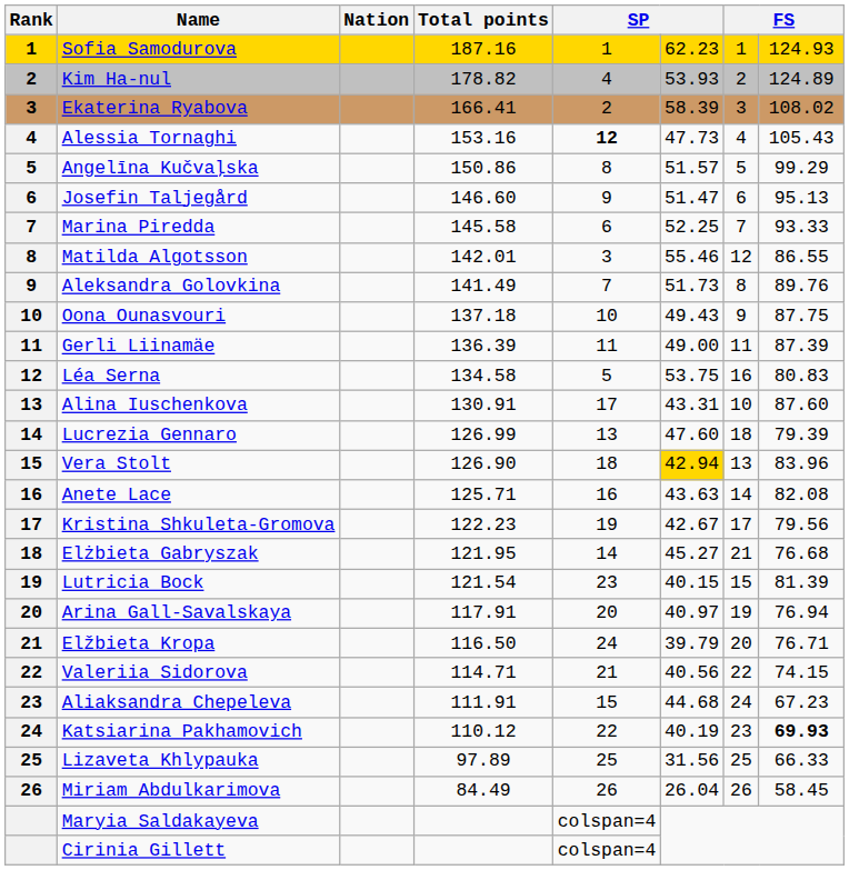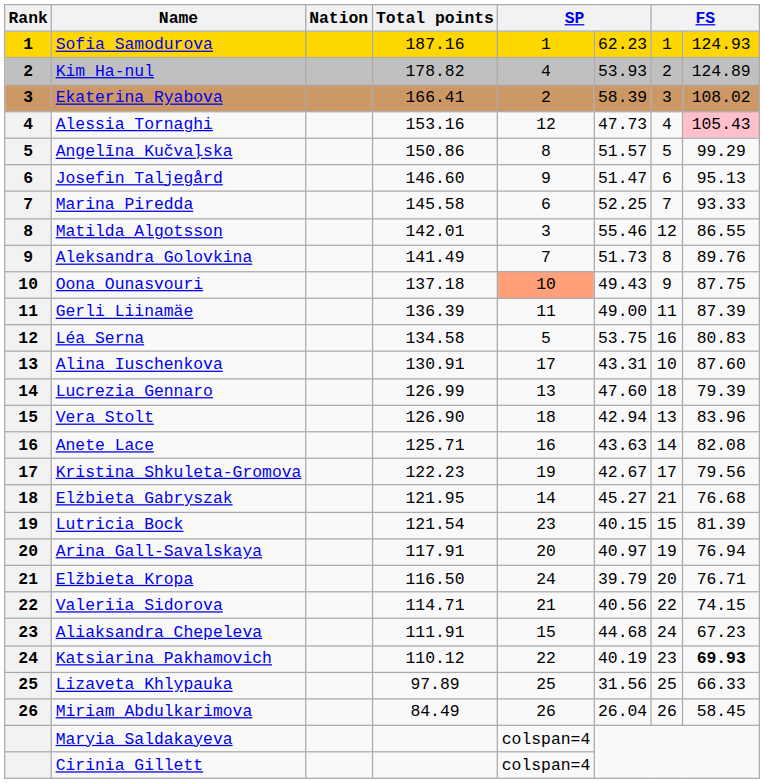 <table class="wikitable sortable">
 <tr>
 <th>Rank</th>
 <th>Name</th>
 <th>Nation</th>
 <th>Total points</th>
 <th colspan="2" width="80px"><a href='#'>SP</a></th>
 <th colspan="2" width="80px"><a href='#'>FS</a></th>
 </tr>
 <tr bgcolor="gold">
 <td align="center"><strong>1</strong></td>
 <td><a href='#'>Sofia Samodurova</a></td>
 <td></td>
 <td align="center">187.16</td>
 <td align="center">1</td>
 <td align="center">62.23</td>
 <td align="center">1</td>
 <td align="center">124.93</td>
 </tr>
 <tr bgcolor="silver">
 <td align="center"><strong>2</strong></td>
 <td><a href='#'>Kim Ha-nul</a></td>
 <td></td>
 <td align="center">178.82</td>
 <td align="center">4</td>
 <td align="center">53.93</td>
 <td align="center">2</td>
 <td align="center">124.89</td>
 </tr>
 <tr bgcolor="cc9966">
 <td align="center"><strong>3</strong></td>
 <td><a href='#'>Ekaterina Ryabova</a></td>
 <td></td>
 <td align="center">166.41</td>
 <td align="center">2</td>
 <td align="center">58.39</td>
 <td align="center">3</td>
 <td align="center">108.02</td>
 </tr>
 <tr>
 <th>4</th>
 <td><a href='#'>Alessia Tornaghi</a></td>
 <td></td>
 <td align="center">153.16</td>
-<td align="center"><strong>12</strong></td>
+<td align="center">12</td>
 <td align="center">47.73</td>
 <td align="center">4</td>
-<td align="center">105.43</td>
+<td align="center" style="background: pink;">105.43</td>
 </tr>
 <tr>
 <th>5</th>
 <td><a href='#'>Angelīna Kučvaļska</a></td>
 <td></td>
 <td align="center">150.86</td>
 <td align="center">8</td>
 <td align="center">51.57</td>
 <td align="center">5</td>
 <td align="center">99.29</td>
 </tr>
 <tr>
 <th>6</th>
 <td><a href='#'>Josefin Taljegård</a></td>
 <td></td>
 <td align="center">146.60</td>
 <td align="center">9</td>
 <td align="center">51.47</td>
 <td align="center">6</td>
 <td align="center">95.13</td>
 </tr>
 <tr>
 <th>7</th>
 <td><a href='#'>Marina Piredda</a></td>
 <td></td>
 <td align="center">145.58</td>
 <td align="center">6</td>
 <td align="center">52.25</td>
 <td align="center">7</td>
 <td align="center">93.33</td>
 </tr>
 <tr>
 <th>8</th>
 <td><a href='#'>Matilda Algotsson</a></td>
 <td></td>
 <td align="center">142.01</td>
 <td align="center">3</td>
 <td align="center">55.46</td>
 <td align="center">12</td>
 <td align="center">86.55</td>
 </tr>
 <tr>
 <th>9</th>
 <td><a href='#'>Aleksandra Golovkina</a></td>
 <td></td>
 <td align="center">141.49</td>
 <td align="center">7</td>
 <td align="center">51.73</td>
 <td align="center">8</td>
 <td align="center">89.76</td>
 </tr>
 <tr>
 <th>10</th>
 <td><a href='#'>Oona Ounasvouri</a></td>
 <td></td>
 <td align="center">137.18</td>
-<td align="center">10</td>
+<td align="center" style="background: lightsalmon;">10</td>
 <td align="center">49.43</td>
 <td align="center">9</td>
 <td align="center">87.75</td>
 </tr>
 <tr>
 <th>11</th>
 <td><a href='#'>Gerli Liinamäe</a></td>
 <td></td>
 <td align="center">136.39</td>
 <td align="center">11</td>
 <td align="center">49.00</td>
 <td align="center">11</td>
 <td align="center">87.39</td>
 </tr>
 <tr>
 <th>12</th>
 <td><a href='#'>Léa Serna</a></td>
 <td></td>
 <td align="center">134.58</td>
 <td align="center">5</td>
 <td align="center">53.75</td>
 <td align="center">16</td>
 <td align="center">80.83</td>
 </tr>
 <tr>
 <th>13</th>
 <td><a href='#'>Alina Iuschenkova</a></td>
 <td></td>
 <td align="center">130.91</td>
 <td align="center">17</td>
 <td align="center">43.31</td>
 <td align="center">10</td>
 <td align="center">87.60</td>
 </tr>
 <tr>
 <th>14</th>
 <td><a href='#'>Lucrezia Gennaro</a></td>
 <td></td>
 <td align="center">126.99</td>
 <td align="center">13</td>
 <td align="center">47.60</td>
 <td align="center">18</td>
 <td align="center">79.39</td>
 </tr>
 <tr>
 <th>15</th>
 <td><a href='#'>Vera Stolt</a></td>
 <td></td>
 <td align="center">126.90</td>
 <td align="center">18</td>
-<td align="center" style="background: gold;">42.94</td>
+<td align="center">42.94</td>
 <td align="center">13</td>
 <td align="center">83.96</td>
 </tr>
 <tr>
 <th>16</th>
 <td><a href='#'>Anete Lace</a></td>
 <td></td>
 <td align="center">125.71</td>
 <td align="center">16</td>
 <td align="center">43.63</td>
 <td align="center">14</td>
 <td align="center">82.08</td>
 </tr>
 <tr>
 <th>17</th>
 <td><a href='#'>Kristina Shkuleta-Gromova</a></td>
 <td></td>
 <td align="center">122.23</td>
 <td align="center">19</td>
 <td align="center">42.67</td>
 <td align="center">17</td>
 <td align="center">79.56</td>
 </tr>
 <tr>
 <th>18</th>
 <td><a href='#'>Elżbieta Gabryszak</a></td>
 <td></td>
 <td align="center">121.95</td>
 <td align="center">14</td>
 <td align="center">45.27</td>
 <td align="center">21</td>
 <td align="center">76.68</td>
 </tr>
 <tr>
 <th>19</th>
 <td><a href='#'>Lutricia Bock</a></td>
 <td></td>
 <td align="center">121.54</td>
 <td align="center">23</td>
 <td align="center">40.15</td>
 <td align="center">15</td>
 <td align="center">81.39</td>
 </tr>
 <tr>
 <th>20</th>
 <td><a href='#'>Arina Gall-Savalskaya</a></td>
 <td></td>
 <td align="center">117.91</td>
 <td align="center">20</td>
 <td align="center">40.97</td>
 <td align="center">19</td>
 <td align="center">76.94</td>
 </tr>
 <tr>
 <th>21</th>
 <td><a href='#'>Elžbieta Kropa</a></td>
 <td></td>
 <td align="center">116.50</td>
 <td align="center">24</td>
 <td align="center">39.79</td>
 <td align="center">20</td>
 <td align="center">76.71</td>
 </tr>
 <tr>
 <th>22</th>
 <td><a href='#'>Valeriia Sidorova</a></td>
 <td></td>
 <td align="center">114.71</td>
 <td align="center">21</td>
 <td align="center">40.56</td>
 <td align="center">22</td>
 <td align="center">74.15</td>
 </tr>
 <tr>
 <th>23</th>
 <td><a href='#'>Aliaksandra Chepeleva</a></td>
 <td></td>
 <td align="center">111.91</td>
 <td align="center">15</td>
 <td align="center">44.68</td>
 <td align="center">24</td>
 <td align="center">67.23</td>
 </tr>
 <tr>
 <th>24</th>
 <td><a href='#'>Katsiarina Pakhamovich</a></td>
 <td></td>
 <td align="center">110.12</td>
 <td align="center">22</td>
 <td align="center">40.19</td>
 <td align="center">23</td>
 <td align="center"><strong>69.93</strong></td>
 </tr>
 <tr>
 <th>25</th>
 <td><a href='#'>Lizaveta Khlypauka</a></td>
 <td></td>
 <td align="center">97.89</td>
 <td align="center">25</td>
 <td align="center">31.56</td>
 <td align="center">25</td>
 <td align="center">66.33</td>
 </tr>
 <tr>
 <th>26</th>
 <td><a href='#'>Miriam Abdulkarimova</a></td>
 <td></td>
 <td align="center">84.49</td>
 <td align="center">26</td>
 <td align="center">26.04</td>
 <td align="center">26</td>
 <td align="center">58.45</td>
 </tr>
 <tr>
 <th></th>
 <td><a href='#'>Maryia Saldakayeva</a></td>
 <td></td>
 <td></td>
 <td>colspan=4 </td>
 </tr>
 <tr>
 <th></th>
 <td><a href='#'>Cirinia Gillett</a></td>
 <td></td>
 <td></td>
 <td>colspan=4 </td>
 </tr>
 </table>
